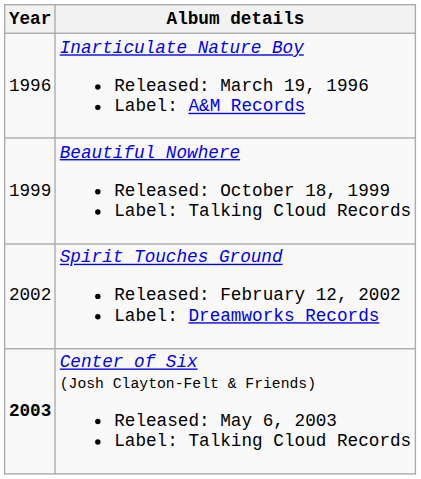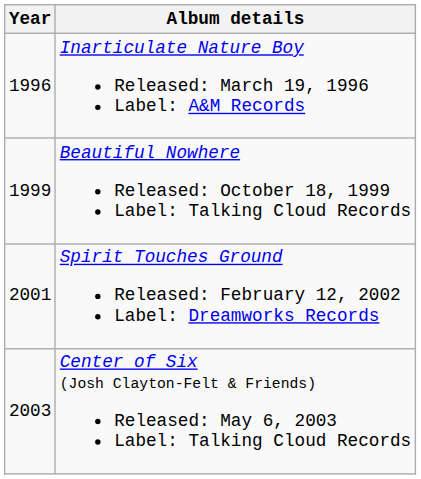 <table class="wikitable">
 <tr>
 <th>Year</th>
 <th>Album details</th>
 </tr>
 <tr>
 <td>1996</td>
 <td><em><a href='#'>Inarticulate Nature Boy</a></em><br><ul><li>Released: March 19, 1996</li><li>Label: <a href='#'>A&M Records</a></li></ul></td>
 </tr>
 <tr>
 <td>1999</td>
 <td><em><a href='#'>Beautiful Nowhere</a></em><br><ul><li>Released: October 18, 1999</li><li>Label: Talking Cloud Records</li></ul></td>
 </tr>
 <tr>
-<td>2002</td>
+<td>2001</td>
 <td><em><a href='#'>Spirit Touches Ground</a></em><br><ul><li>Released: February 12, 2002</li><li>Label: <a href='#'>Dreamworks Records</a></li></ul></td>
 </tr>
 <tr>
-<td><strong>2003</strong></td>
+<td>2003</td>
 <td><em><a href='#'>Center of Six</a></em> <br><small>(Josh Clayton-Felt & Friends)</small><br><ul><li>Released: May 6, 2003</li><li>Label: Talking Cloud Records</li></ul></td>
 </tr>
 </table>
